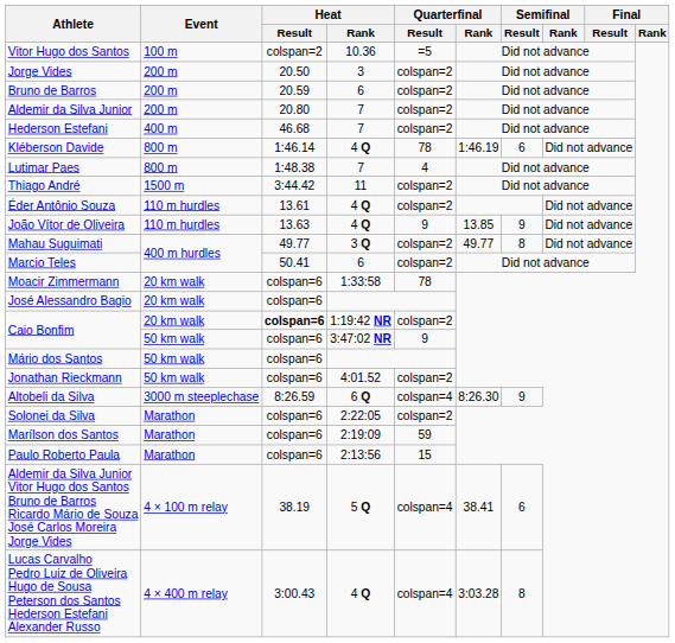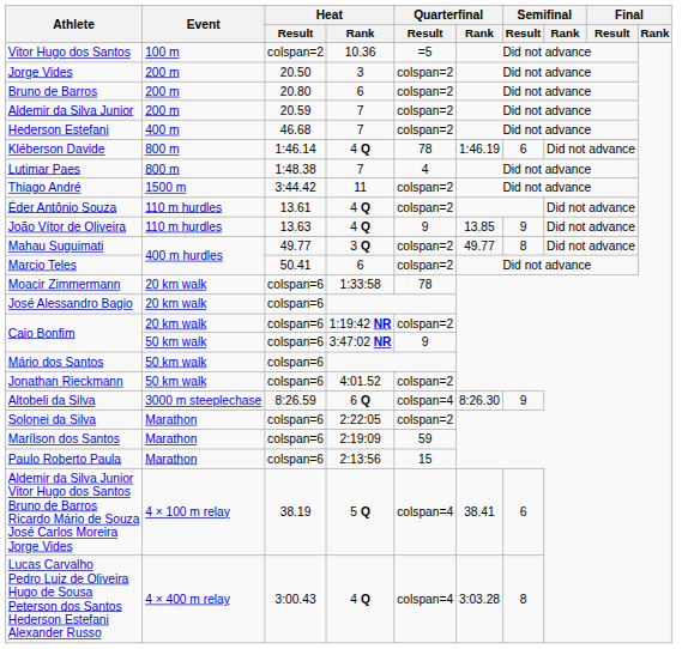 <table class="wikitable" style="font-size:90%">
 <tr>
 <th rowspan="2">Athlete</th>
 <th rowspan="2">Event</th>
 <th colspan="2">Heat</th>
 <th colspan="2">Quarterfinal</th>
 <th colspan="2">Semifinal</th>
 <th colspan="2">Final</th>
 </tr>
 <tr style="font-size:95%">
 <th>Result</th>
 <th>Rank</th>
 <th>Result</th>
 <th>Rank</th>
 <th>Result</th>
 <th>Rank</th>
 <th>Result</th>
 <th>Rank</th>
 </tr>
 <tr align=center>
 <td align=left><a href='#'>Vitor Hugo dos Santos</a></td>
 <td align=left><a href='#'>100 m</a></td>
 <td>colspan=2 </td>
 <td>10.36</td>
 <td>=5</td>
 <td colspan=4>Did not advance</td>
 </tr>
 <tr align=center>
 <td align=left><a href='#'>Jorge Vides</a></td>
 <td align=left><a href='#'>200 m</a></td>
 <td>20.50</td>
 <td>3</td>
 <td>colspan=2 </td>
 <td colspan=4>Did not advance</td>
 </tr>
 <tr align=center>
 <td align=left><a href='#'>Bruno de Barros</a></td>
 <td align=left><a href='#'>200 m</a></td>
-<td>20.59</td>
+<td>20.80</td>
 <td>6</td>
 <td>colspan=2 </td>
 <td colspan=4>Did not advance</td>
 </tr>
 <tr align=center>
 <td align=left><a href='#'>Aldemir da Silva Junior</a></td>
 <td align=left><a href='#'>200 m</a></td>
-<td>20.80</td>
+<td>20.59</td>
 <td>7</td>
 <td>colspan=2 </td>
 <td colspan=4>Did not advance</td>
 </tr>
 <tr align=center>
 <td align=left><a href='#'>Hederson Estefani</a></td>
 <td align=left><a href='#'>400 m</a></td>
 <td>46.68</td>
 <td>7</td>
 <td>colspan=2 </td>
 <td colspan=4>Did not advance</td>
 </tr>
 <tr align=center>
 <td align=left><a href='#'>Kléberson Davide</a></td>
 <td align=left><a href='#'>800 m</a></td>
 <td>1:46.14</td>
 <td>4 <strong>Q</strong></td>
 <td>78</td>
 <td>1:46.19</td>
 <td>6</td>
 <td colspan=2>Did not advance</td>
 </tr>
 <tr align=center>
 <td align=left><a href='#'>Lutimar Paes</a></td>
 <td align=left><a href='#'>800 m</a></td>
 <td>1:48.38</td>
 <td>7</td>
 <td>4</td>
 <td colspan=4>Did not advance</td>
 </tr>
 <tr align=center>
 <td align=left><a href='#'>Thiago André</a></td>
 <td align=left><a href='#'>1500 m</a></td>
 <td>3:44.42</td>
 <td>11</td>
 <td>colspan=2 </td>
 <td colspan=4>Did not advance</td>
 </tr>
 <tr align=center>
 <td align=left><a href='#'>Éder Antônio Souza</a></td>
 <td align=left><a href='#'>110 m hurdles</a></td>
 <td>13.61</td>
 <td>4 <strong>Q</strong></td>
 <td>colspan=2 </td>
 <td colspan=2></td>
 <td colspan=2>Did not advance</td>
 </tr>
 <tr align=center>
 <td align=left><a href='#'>João Vítor de Oliveira</a></td>
 <td align=left><a href='#'>110 m hurdles</a></td>
 <td>13.63</td>
 <td>4 <strong>Q</strong></td>
 <td>9</td>
 <td>13.85</td>
 <td>9</td>
 <td colspan=2>Did not advance</td>
 </tr>
 <tr align=center>
 <td align=left><a href='#'>Mahau Suguimati</a></td>
 <td align=left rowspan=2><a href='#'>400 m hurdles</a></td>
 <td>49.77</td>
 <td>3 <strong>Q</strong></td>
 <td>colspan=2 </td>
 <td>49.77</td>
 <td>8</td>
 <td colspan=2>Did not advance</td>
 </tr>
 <tr align=center>
 <td align=left><a href='#'>Marcio Teles</a></td>
 <td>50.41</td>
 <td>6</td>
 <td>colspan=2 </td>
 <td colspan=4>Did not advance</td>
 </tr>
 <tr align=center>
 <td align=left><a href='#'>Moacir Zimmermann</a></td>
 <td align=left><a href='#'>20 km walk</a></td>
 <td>colspan=6 </td>
 <td>1:33:58</td>
 <td>78</td>
 </tr>
 <tr align=center>
 <td align=left><a href='#'>José Alessandro Bagio</a></td>
 <td align=left><a href='#'>20 km walk</a></td>
 <td>colspan=6 </td>
 <td colspan=2></td>
 </tr>
 <tr align=center>
 <td align=left rowspan=2><a href='#'>Caio Bonfim</a></td>
 <td align=left><a href='#'>20 km walk</a></td>
-<td><strong>colspan=6 </strong></td>
+<td>colspan=6 </td>
 <td>1:19:42 <strong><a href='#'>NR</a></strong></td>
 <td>colspan=2 </td>
 </tr>
 <tr align=center>
 <td align=left><a href='#'>50 km walk</a></td>
 <td>colspan=6 </td>
 <td>3:47:02 <strong><a href='#'>NR</a></strong></td>
 <td>9</td>
 </tr>
 <tr align=center>
 <td align=left><a href='#'>Mário dos Santos</a></td>
 <td align=left><a href='#'>50 km walk</a></td>
 <td>colspan=6 </td>
 <td colspan=2></td>
 </tr>
 <tr align=center>
 <td align=left><a href='#'>Jonathan Rieckmann</a></td>
 <td align=left><a href='#'>50 km walk</a></td>
 <td>colspan=6 </td>
 <td>4:01.52</td>
 <td>colspan=2 </td>
 </tr>
 <tr align=center>
 <td align=left><a href='#'>Altobeli da Silva</a></td>
 <td align=left><a href='#'>3000 m steeplechase</a></td>
 <td>8:26.59</td>
 <td>6 <strong>Q</strong></td>
 <td>colspan=4 </td>
 <td>8:26.30</td>
 <td>9</td>
 </tr>
 <tr align=center>
 <td align=left><a href='#'>Solonei da Silva</a></td>
 <td align=left><a href='#'>Marathon</a></td>
 <td>colspan=6 </td>
 <td>2:22:05</td>
 <td>colspan=2 </td>
 </tr>
 <tr align=center>
 <td align=left><a href='#'>Marílson dos Santos</a></td>
 <td align=left><a href='#'>Marathon</a></td>
 <td>colspan=6 </td>
 <td>2:19:09</td>
 <td>59</td>
 </tr>
 <tr align=center>
 <td align=left><a href='#'>Paulo Roberto Paula</a></td>
 <td align=left><a href='#'>Marathon</a></td>
 <td>colspan=6 </td>
 <td>2:13:56</td>
 <td>15</td>
 </tr>
 <tr align=center>
 <td align=left><a href='#'>Aldemir da Silva Junior</a><br><a href='#'>Vitor Hugo dos Santos</a><br><a href='#'>Bruno de Barros</a><br><a href='#'>Ricardo Mário de Souza</a><br><a href='#'>José Carlos Moreira</a><br><a href='#'>Jorge Vides</a></td>
 <td align=left><a href='#'>4 × 100 m relay</a></td>
 <td>38.19</td>
 <td>5 <strong>Q</strong></td>
 <td>colspan=4 </td>
 <td>38.41</td>
 <td>6</td>
 </tr>
 <tr align=center>
 <td align=left><a href='#'>Lucas Carvalho</a><br><a href='#'>Pedro Luiz de Oliveira</a><br><a href='#'>Hugo de Sousa</a><br><a href='#'>Peterson dos Santos</a><br><a href='#'>Hederson Estefani</a><br><a href='#'>Alexander Russo</a></td>
 <td align=left><a href='#'>4 × 400 m relay</a></td>
 <td>3:00.43</td>
 <td>4 <strong>Q</strong></td>
 <td>colspan=4 </td>
 <td>3:03.28</td>
 <td>8</td>
 </tr>
 </table>
